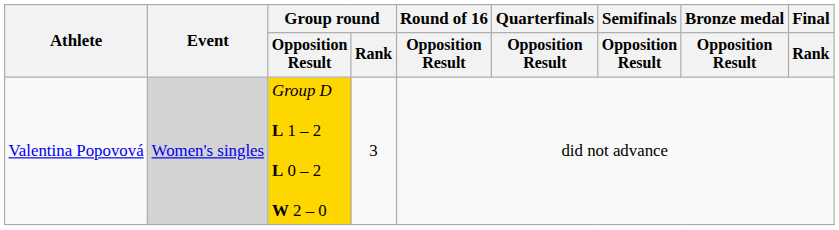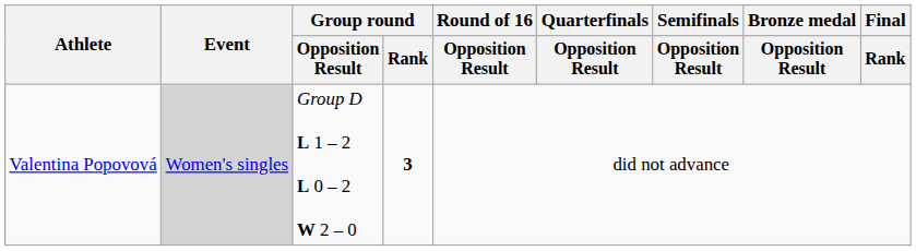 <table class="wikitable" style="font-size:90%;">
 <tr>
 <th rowspan="2">Athlete</th>
 <th rowspan="2">Event</th>
 <th colspan="2">Group round</th>
 <th>Round of 16</th>
 <th>Quarterfinals</th>
 <th>Semifinals</th>
 <th>Bronze medal</th>
 <th colspan=2>Final</th>
 </tr>
 <tr style="font-size:95%">
 <th>Opposition<br>Result</th>
 <th>Rank</th>
 <th>Opposition<br>Result</th>
 <th>Opposition<br>Result</th>
 <th>Opposition<br>Result</th>
 <th>Opposition<br>Result</th>
 <th>Rank</th>
 </tr>
 <tr align=center>
 <td align=left><a href='#'>Valentina Popovová</a></td>
 <td align=left style="background: lightgrey;"><a href='#'>Women's singles</a></td>
-<td align=left style="background: gold;"><em>Group D</em><br><br><strong>L</strong> 1 – 2<br><br><strong>L</strong> 0 – 2<br><br><strong>W</strong> 2 – 0</td>
-<td>3</td>
+<td align=left><em>Group D</em><br><br><strong>L</strong> 1 – 2<br><br><strong>L</strong> 0 – 2<br><br><strong>W</strong> 2 – 0</td>
+<td><strong>3</strong></td>
 <td colspan=5>did not advance</td>
 </tr>
 </table>
